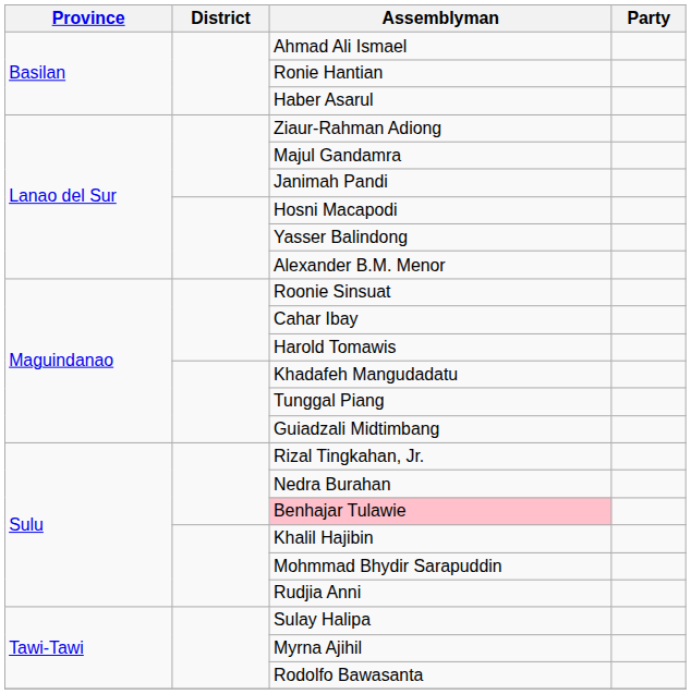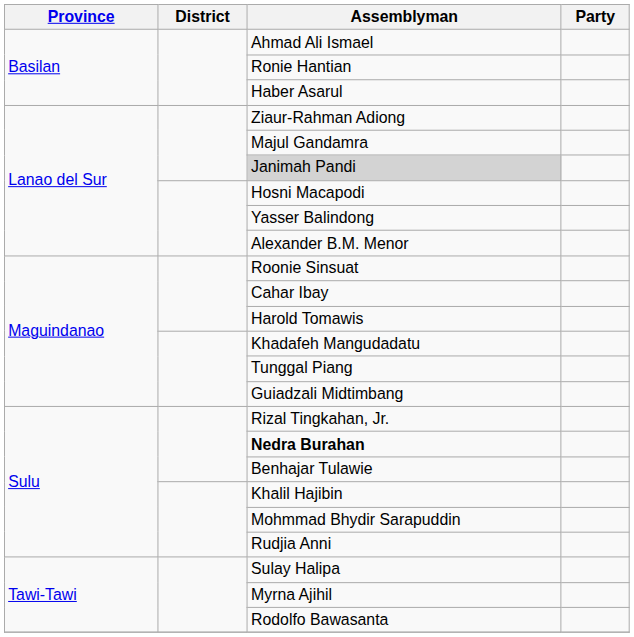 <table class="wikitable" width=50%; colspan= 4>
 <tr>
 <th><a href='#'>Province</a></th>
 <th>District</th>
 <th>Assemblyman</th>
 <th>Party</th>
 </tr>
 <tr>
 <td rowspan=3><a href='#'>Basilan</a></td>
 <td rowspan=3></td>
 <td>Ahmad Ali Ismael</td>
 <td></td>
 </tr>
 <tr>
 <td>Ronie Hantian</td>
 <td></td>
 </tr>
 <tr>
 <td>Haber Asarul</td>
 <td></td>
 </tr>
 <tr>
 <td rowspan=6><a href='#'>Lanao del Sur</a></td>
 <td rowspan=3></td>
 <td>Ziaur-Rahman Adiong</td>
 <td></td>
 </tr>
 <tr>
 <td>Majul Gandamra</td>
 <td></td>
 </tr>
 <tr>
-<td>Janimah Pandi</td>
+<td style="background: lightgrey;">Janimah Pandi</td>
 <td></td>
 </tr>
 <tr>
 <td rowspan=3></td>
 <td>Hosni Macapodi</td>
 <td></td>
 </tr>
 <tr>
 <td>Yasser Balindong</td>
 <td></td>
 </tr>
 <tr>
 <td>Alexander B.M. Menor</td>
 <td></td>
 </tr>
 <tr>
 <td rowspan=6><a href='#'>Maguindanao</a></td>
 <td rowspan=3></td>
 <td>Roonie Sinsuat</td>
 <td></td>
 </tr>
 <tr>
 <td>Cahar Ibay</td>
 <td></td>
 </tr>
 <tr>
 <td>Harold Tomawis</td>
 <td></td>
 </tr>
 <tr>
 <td rowspan=3></td>
 <td>Khadafeh Mangudadatu</td>
 <td></td>
 </tr>
 <tr>
 <td>Tunggal Piang</td>
 <td></td>
 </tr>
 <tr>
 <td>Guiadzali Midtimbang</td>
 <td></td>
 </tr>
 <tr>
 <td rowspan=6><a href='#'>Sulu</a></td>
 <td rowspan=3></td>
 <td>Rizal Tingkahan, Jr.</td>
 <td></td>
 </tr>
 <tr>
-<td>Nedra Burahan</td>
+<td><strong>Nedra Burahan</strong></td>
 <td></td>
 </tr>
 <tr>
-<td style="background: pink;">Benhajar Tulawie</td>
+<td>Benhajar Tulawie</td>
 <td></td>
 </tr>
 <tr>
 <td rowspan=3></td>
 <td>Khalil Hajibin</td>
 <td></td>
 </tr>
 <tr>
 <td>Mohmmad Bhydir Sarapuddin</td>
 <td></td>
 </tr>
 <tr>
 <td>Rudjia Anni</td>
 <td></td>
 </tr>
 <tr>
 <td rowspan=3><a href='#'>Tawi-Tawi</a></td>
 <td rowspan=3></td>
 <td>Sulay Halipa</td>
 <td></td>
 </tr>
 <tr>
 <td>Myrna Ajihil</td>
 <td></td>
 </tr>
 <tr>
 <td>Rodolfo Bawasanta</td>
 <td></td>
 </tr>
 <tr>
 </tr>
 </table>
